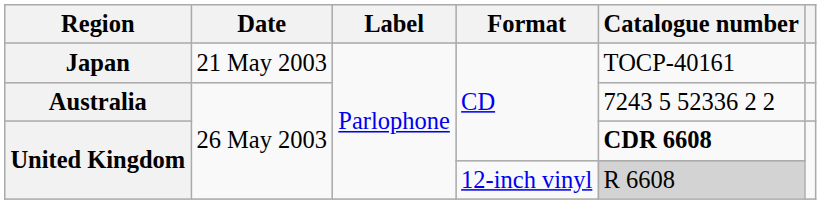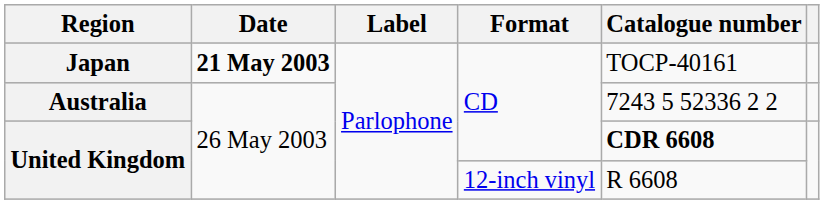 <table class="wikitable plainrowheaders">
 <tr>
 <th>Region</th>
 <th>Date</th>
 <th>Label</th>
 <th>Format</th>
 <th>Catalogue number</th>
 <th></th>
 </tr>
 <tr>
 <th scope="row">Japan</th>
-<td>21 May 2003</td>
+<td><strong>21 May 2003</strong></td>
 <td rowspan="4"><a href='#'>Parlophone</a></td>
 <td rowspan="3"><a href='#'>CD</a></td>
 <td>TOCP-40161</td>
 <td align="center"></td>
 </tr>
 <tr>
 <th scope="row">Australia</th>
 <td rowspan="3">26 May 2003</td>
 <td>7243 5 52336 2 2</td>
 <td align="center"></td>
 </tr>
 <tr>
 <th scope="row" rowspan="2">United Kingdom</th>
 <td><strong>CDR 6608</strong></td>
 <td align="center" rowspan="2"></td>
 </tr>
 <tr>
 <td><a href='#'>12-inch vinyl</a></td>
-<td style="background: lightgrey;">R 6608</td>
+<td>R 6608</td>
 </tr>
 </table>
